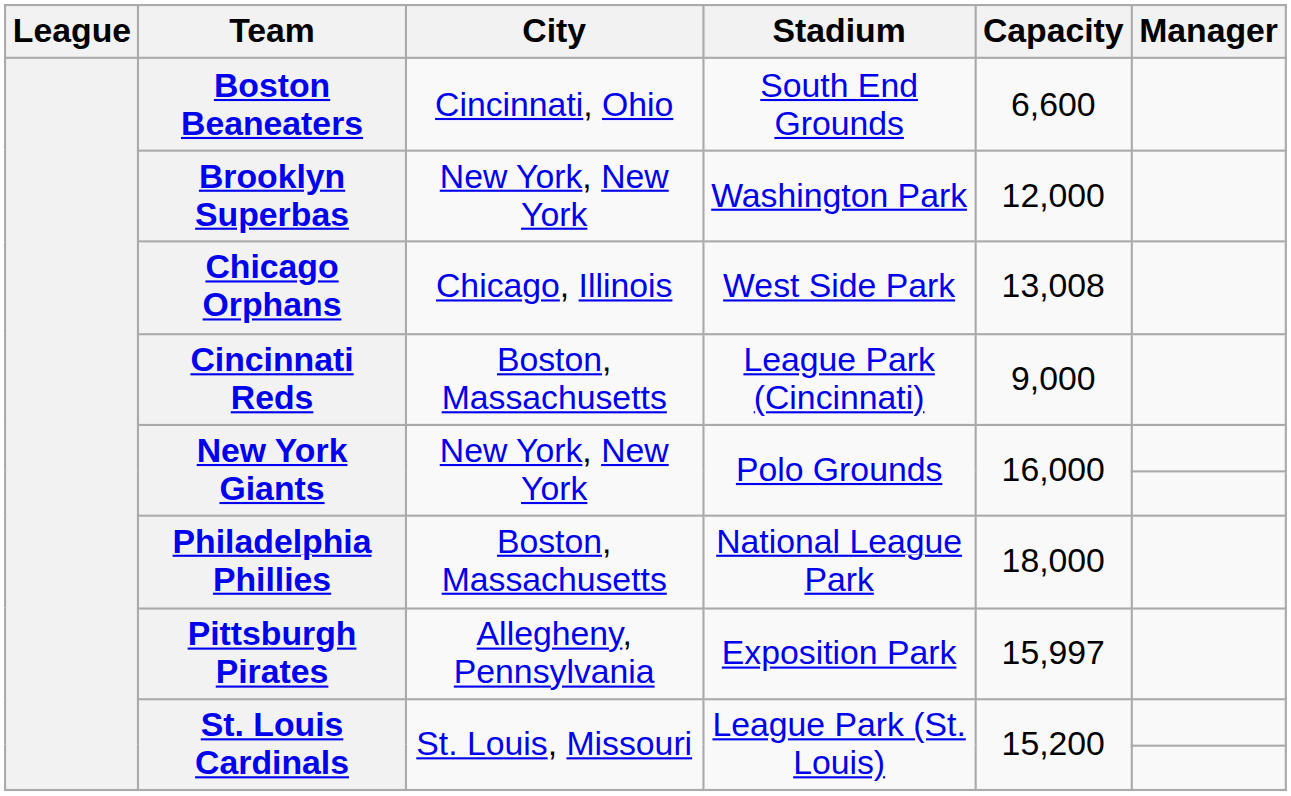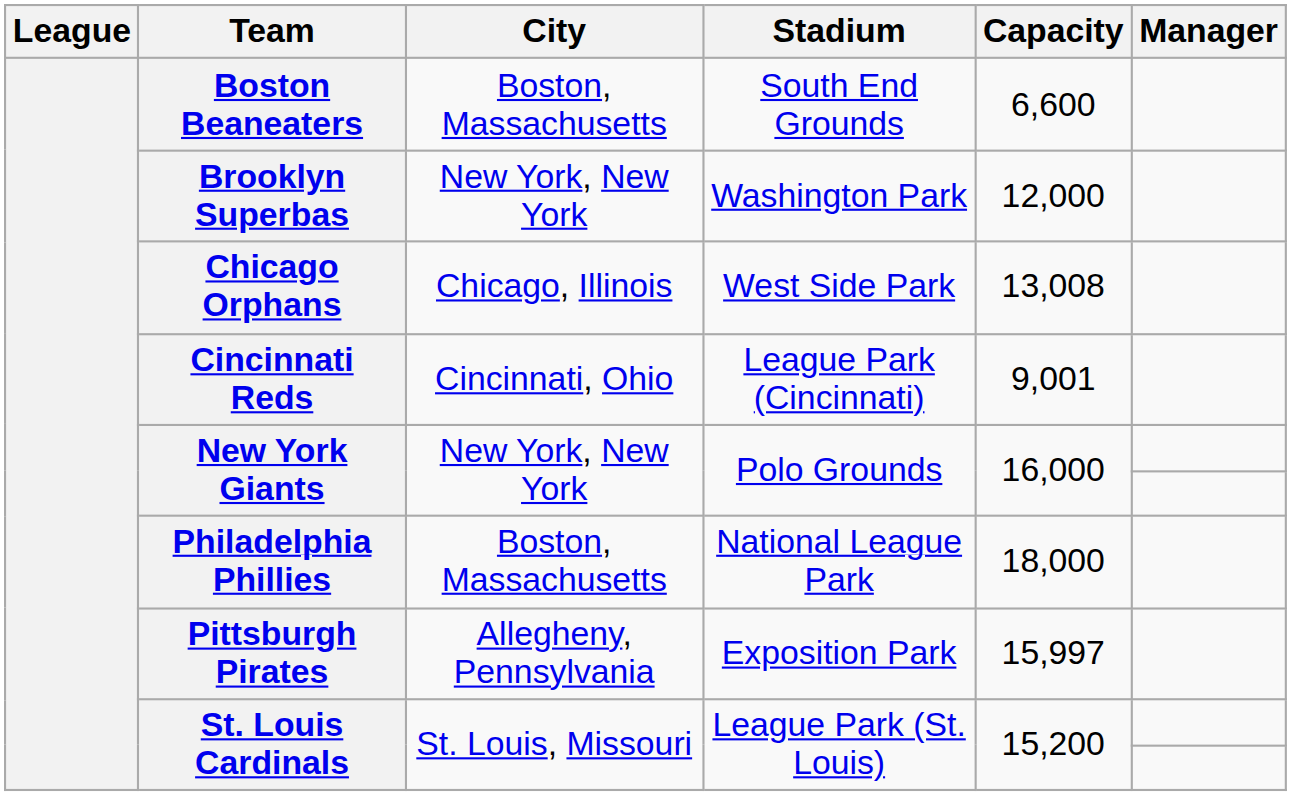 <table class="wikitable sortable plainrowheaders" style="text-align:center;">
 <tr>
 <th scope="col">League</th>
 <th scope="col">Team</th>
 <th scope="col">City</th>
 <th scope="col">Stadium</th>
 <th scope="col">Capacity</th>
 <th scope="col">Manager</th>
 </tr>
 <tr>
 <th rowspan="10"></th>
 <th scope="row"><a href='#'>Boston Beaneaters</a></th>
-<td><a href='#'>Cincinnati</a>, <a href='#'>Ohio</a></td>
+<td><a href='#'>Boston</a>, <a href='#'>Massachusetts</a></td>
 <td><a href='#'>South End Grounds</a></td>
 <td>6,600</td>
 <td></td>
 </tr>
 <tr>
 <th scope="row"><a href='#'>Brooklyn Superbas</a></th>
 <td><a href='#'>New York</a>, <a href='#'>New York</a></td>
 <td><a href='#'>Washington Park</a></td>
 <td>12,000</td>
 <td></td>
 </tr>
 <tr>
 <th scope="row"><a href='#'>Chicago Orphans</a></th>
 <td><a href='#'>Chicago</a>, <a href='#'>Illinois</a></td>
 <td><a href='#'>West Side Park</a></td>
 <td>13,008</td>
 <td></td>
 </tr>
 <tr>
 <th scope="row"><a href='#'>Cincinnati Reds</a></th>
-<td><a href='#'>Boston</a>, <a href='#'>Massachusetts</a></td>
+<td><a href='#'>Cincinnati</a>, <a href='#'>Ohio</a></td>
 <td><a href='#'>League Park (Cincinnati)</a></td>
-<td>9,000</td>
+<td>9,001</td>
 <td></td>
 </tr>
 <tr>
 <th rowspan="2" scope="row"><a href='#'>New York Giants</a></th>
 <td rowspan="2"><a href='#'>New York</a>, <a href='#'>New York</a></td>
 <td rowspan="2"><a href='#'>Polo Grounds</a></td>
 <td rowspan="2">16,000</td>
 <td></td>
 </tr>
 <tr>
 <td></td>
 </tr>
 <tr>
 <th scope="row"><a href='#'>Philadelphia Phillies</a></th>
 <td><a href='#'>Boston</a>, <a href='#'>Massachusetts</a></td>
 <td><a href='#'>National League Park</a></td>
 <td>18,000</td>
 <td></td>
 </tr>
 <tr>
 <th scope="row"><a href='#'>Pittsburgh Pirates</a></th>
 <td><a href='#'>Allegheny</a>, <a href='#'>Pennsylvania</a></td>
 <td><a href='#'>Exposition Park</a></td>
 <td>15,997</td>
 <td></td>
 </tr>
 <tr>
 <th rowspan="2" scope="row"><a href='#'>St. Louis Cardinals</a></th>
 <td rowspan="2"><a href='#'>St. Louis</a>, <a href='#'>Missouri</a></td>
 <td rowspan="2"><a href='#'>League Park (St. Louis)</a></td>
 <td rowspan="2">15,200</td>
 <td></td>
 </tr>
 <tr>
 <td></td>
 </tr>
 </table>
